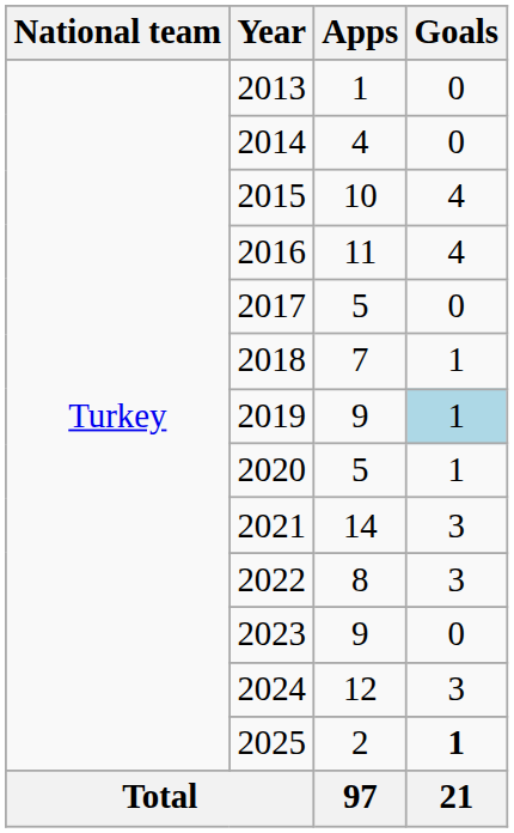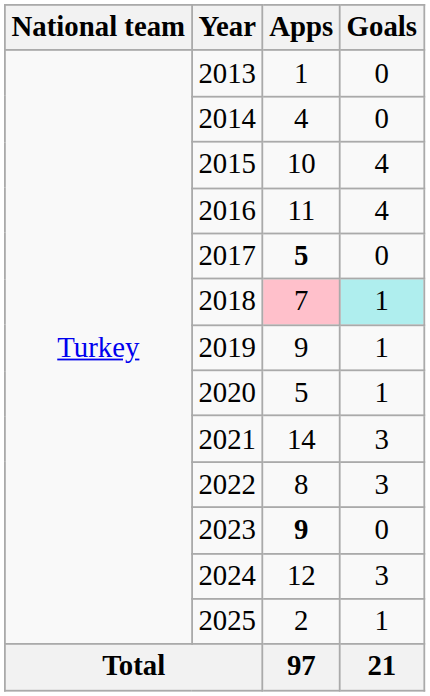 <table class="wikitable" style="text-align:center">
 <tr>
 <th>National team</th>
 <th>Year</th>
 <th>Apps</th>
 <th>Goals</th>
 </tr>
 <tr>
 <td rowspan="13"><a href='#'>Turkey</a></td>
 <td>2013</td>
 <td>1</td>
 <td>0</td>
 </tr>
 <tr>
 <td>2014</td>
 <td>4</td>
 <td>0</td>
 </tr>
 <tr>
 <td>2015</td>
 <td>10</td>
 <td>4</td>
 </tr>
 <tr>
 <td>2016</td>
 <td>11</td>
 <td>4</td>
 </tr>
 <tr>
 <td>2017</td>
-<td>5</td>
+<td><strong>5</strong></td>
 <td>0</td>
 </tr>
 <tr>
 <td>2018</td>
-<td>7</td>
-<td>1</td>
+<td style="background: pink;">7</td>
+<td style="background: paleturquoise;">1</td>
 </tr>
 <tr>
 <td>2019</td>
 <td>9</td>
-<td style="background: lightblue;">1</td>
+<td>1</td>
 </tr>
 <tr>
 <td>2020</td>
 <td>5</td>
 <td>1</td>
 </tr>
 <tr>
 <td>2021</td>
 <td>14</td>
 <td>3</td>
 </tr>
 <tr>
 <td>2022</td>
 <td>8</td>
 <td>3</td>
 </tr>
 <tr>
 <td>2023</td>
-<td>9</td>
+<td><strong>9</strong></td>
 <td>0</td>
 </tr>
 <tr>
 <td>2024</td>
 <td>12</td>
 <td>3</td>
 </tr>
 <tr>
 <td>2025</td>
 <td>2</td>
-<td><strong>1</strong></td>
+<td>1</td>
 </tr>
 <tr>
 <th colspan="2">Total</th>
 <th>97</th>
 <th>21</th>
 </tr>
 </table>
